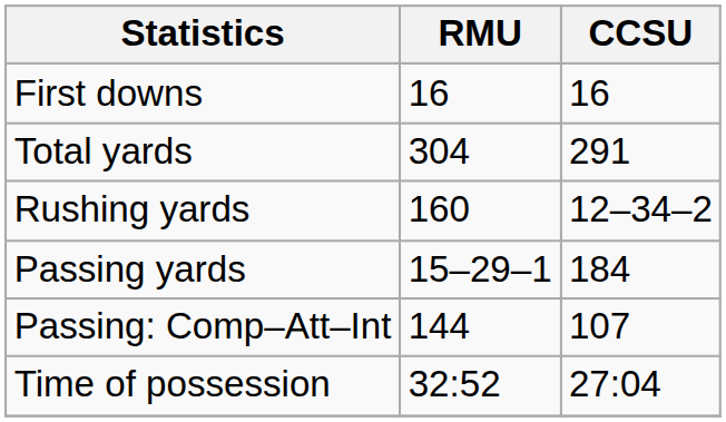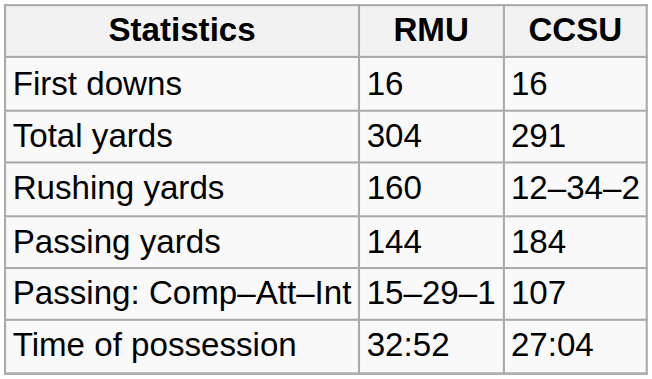 <table class="wikitable" style="float: left;">
 <tr>
 <th>Statistics</th>
 <th>RMU</th>
 <th>CCSU</th>
 </tr>
 <tr>
 <td>First downs</td>
 <td>16</td>
 <td>16</td>
 </tr>
 <tr>
 <td>Total yards</td>
 <td>304</td>
 <td>291</td>
 </tr>
 <tr>
 <td>Rushing yards</td>
 <td>160</td>
 <td>12–34–2</td>
 </tr>
 <tr>
 <td>Passing yards</td>
-<td>15–29–1</td>
+<td>144</td>
 <td>184</td>
 </tr>
 <tr>
 <td>Passing: Comp–Att–Int</td>
-<td>144</td>
+<td>15–29–1</td>
 <td>107</td>
 </tr>
 <tr>
 <td>Time of possession</td>
 <td>32:52</td>
 <td>27:04</td>
 </tr>
 <tr>
 </tr>
 </table>
